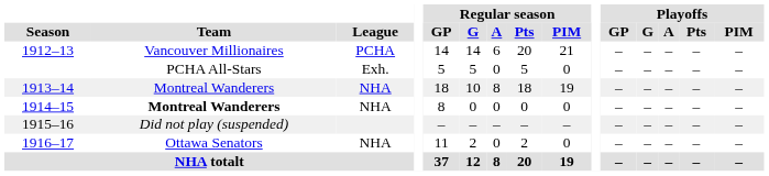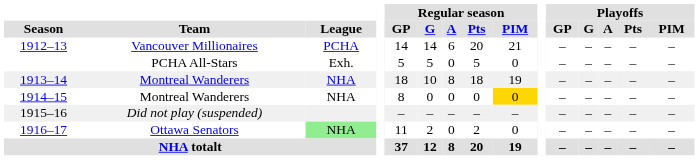 <table BORDER="0" CELLPADDING="1" CELLSPACING="0" width="65%" style="text-align:center">
 <tr bgcolor="#e0e0e0">
 <th colspan="3" bgcolor="#ffffff"> </th>
 <th rowspan="99" bgcolor="#ffffff"> </th>
 <th colspan="5">Regular season</th>
 <th rowspan="99" bgcolor="#ffffff"> </th>
 <th colspan="5">Playoffs</th>
 </tr>
 <tr bgcolor="#e0e0e0">
 <th>Season</th>
 <th>Team</th>
 <th>League</th>
 <th>GP</th>
 <th><a href='#'>G</a></th>
 <th><a href='#'>A</a></th>
 <th><a href='#'>Pts</a></th>
 <th><a href='#'>PIM</a></th>
 <th>GP</th>
 <th>G</th>
 <th>A</th>
 <th>Pts</th>
 <th>PIM</th>
 </tr>
 <tr ALIGN="center">
 <td><a href='#'>1912–13</a></td>
 <td><a href='#'>Vancouver Millionaires</a></td>
 <td><a href='#'>PCHA</a></td>
 <td>14</td>
 <td>14</td>
 <td>6</td>
 <td>20</td>
 <td>21</td>
 <td>–</td>
 <td>–</td>
 <td>–</td>
 <td>–</td>
 <td>–</td>
 </tr>
 <tr ALIGN="center">
 <td></td>
 <td>PCHA All-Stars</td>
 <td>Exh.</td>
 <td>5</td>
 <td>5</td>
 <td>0</td>
 <td>5</td>
 <td>0</td>
 <td>–</td>
 <td>–</td>
 <td>–</td>
 <td>–</td>
 <td>–</td>
 </tr>
 <tr ALIGN="center" bgcolor="#f0f0f0">
 <td><a href='#'>1913–14</a></td>
 <td><a href='#'>Montreal Wanderers</a></td>
 <td><a href='#'>NHA</a></td>
 <td>18</td>
 <td>10</td>
 <td>8</td>
 <td>18</td>
 <td>19</td>
 <td>–</td>
 <td>–</td>
 <td>–</td>
 <td>–</td>
 <td>–</td>
 </tr>
 <tr ALIGN="center">
 <td><a href='#'>1914–15</a></td>
-<td><strong>Montreal Wanderers</strong></td>
+<td>Montreal Wanderers</td>
 <td>NHA</td>
 <td>8</td>
 <td>0</td>
 <td>0</td>
 <td>0</td>
-<td>0</td>
+<td style="background: gold;">0</td>
 <td>–</td>
 <td>–</td>
 <td>–</td>
 <td>–</td>
 <td>–</td>
 </tr>
 <tr ALIGN="center" bgcolor="#f0f0f0">
 <td>1915–16</td>
 <td><em>Did not play (suspended)</em></td>
 <td></td>
 <td>–</td>
 <td>–</td>
 <td>–</td>
 <td>–</td>
 <td>–</td>
 <td>–</td>
 <td>–</td>
 <td>–</td>
 <td>–</td>
 <td>–</td>
 </tr>
 <tr ALIGN="center">
 <td><a href='#'>1916–17</a></td>
 <td><a href='#'>Ottawa Senators</a></td>
-<td>NHA</td>
+<td style="background: lightgreen;">NHA</td>
 <td>11</td>
 <td>2</td>
 <td>0</td>
 <td>2</td>
 <td>0</td>
 <td>–</td>
 <td>–</td>
 <td>–</td>
 <td>–</td>
 <td>–</td>
 </tr>
 <tr ALIGN="center" bgcolor="#e0e0e0">
 <th colspan="3" align="center"><a href='#'>NHA</a> totalt</th>
 <th>37</th>
 <th>12</th>
 <th>8</th>
 <th>20</th>
 <th>19</th>
 <th>–</th>
 <th>–</th>
 <th>–</th>
 <th>–</th>
 <th>–</th>
 </tr>
 </table>
